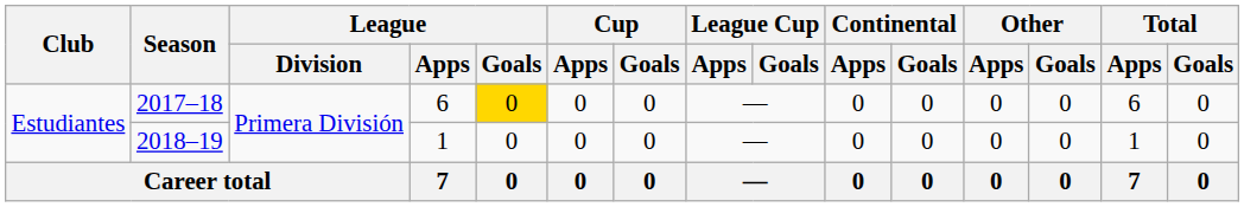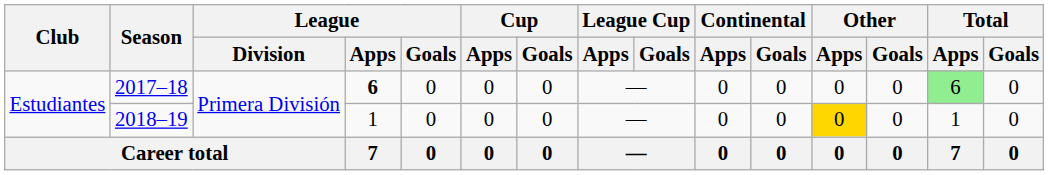 <table class="wikitable" style="text-align:center">
 <tr>
 <th rowspan="2">Club</th>
 <th rowspan="2">Season</th>
 <th colspan="3">League</th>
 <th colspan="2">Cup</th>
 <th colspan="2">League Cup</th>
 <th colspan="2">Continental</th>
 <th colspan="2">Other</th>
 <th colspan="2">Total</th>
 </tr>
 <tr>
 <th>Division</th>
 <th>Apps</th>
 <th>Goals</th>
 <th>Apps</th>
 <th>Goals</th>
 <th>Apps</th>
 <th>Goals</th>
 <th>Apps</th>
 <th>Goals</th>
 <th>Apps</th>
 <th>Goals</th>
 <th>Apps</th>
 <th>Goals</th>
 </tr>
 <tr>
 <td rowspan="2"><a href='#'>Estudiantes</a></td>
 <td><a href='#'>2017–18</a></td>
 <td rowspan="2"><a href='#'>Primera División</a></td>
-<td>6</td>
-<td style="background: gold;">0</td>
+<td><strong>6</strong></td>
+<td>0</td>
 <td>0</td>
 <td>0</td>
 <td colspan="2">—</td>
 <td>0</td>
 <td>0</td>
 <td>0</td>
 <td>0</td>
-<td>6</td>
+<td style="background: lightgreen;">6</td>
 <td>0</td>
 </tr>
 <tr>
 <td><a href='#'>2018–19</a></td>
 <td>1</td>
 <td>0</td>
 <td>0</td>
 <td>0</td>
 <td colspan="2">—</td>
 <td>0</td>
 <td>0</td>
-<td>0</td>
+<td style="background: gold;">0</td>
 <td>0</td>
 <td>1</td>
 <td>0</td>
 </tr>
 <tr>
 <th colspan="3">Career total</th>
 <th>7</th>
 <th>0</th>
 <th>0</th>
 <th>0</th>
 <th colspan="2">—</th>
 <th>0</th>
 <th>0</th>
 <th>0</th>
 <th>0</th>
 <th>7</th>
 <th>0</th>
 </tr>
 </table>
